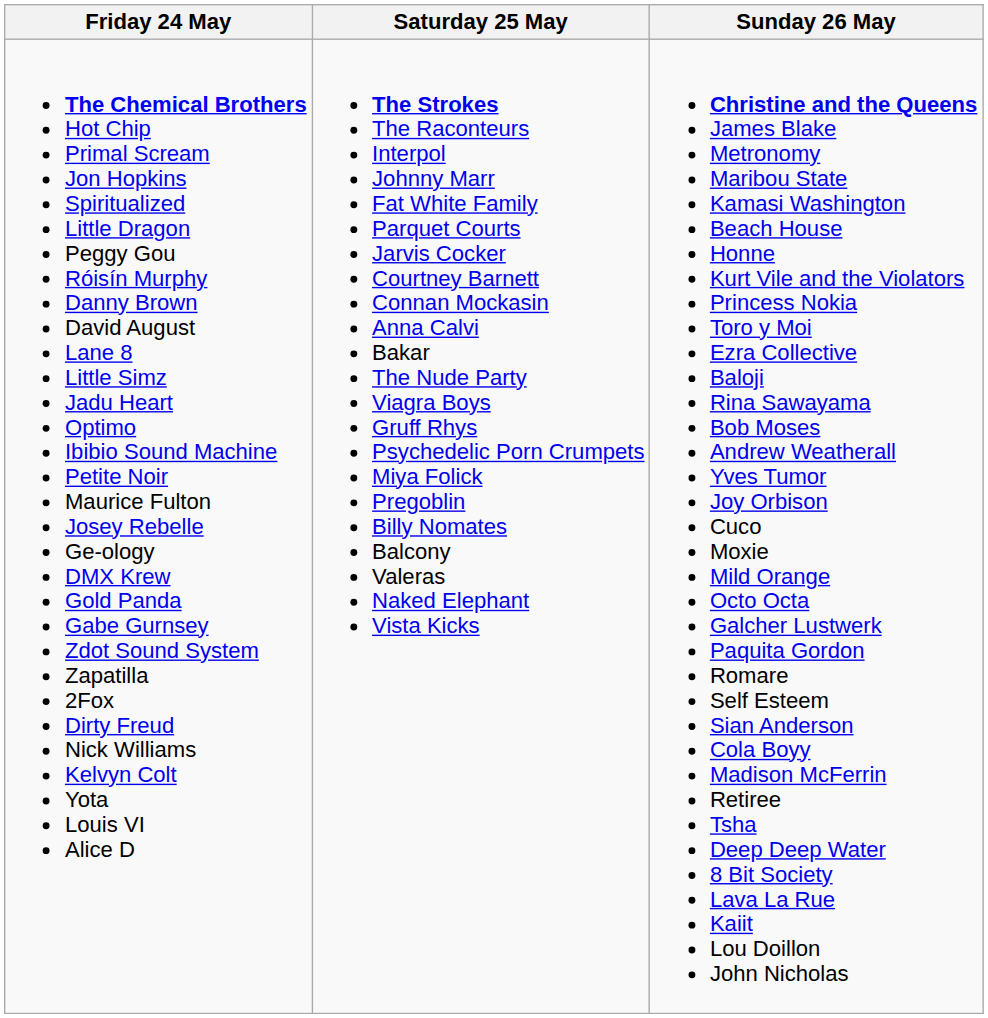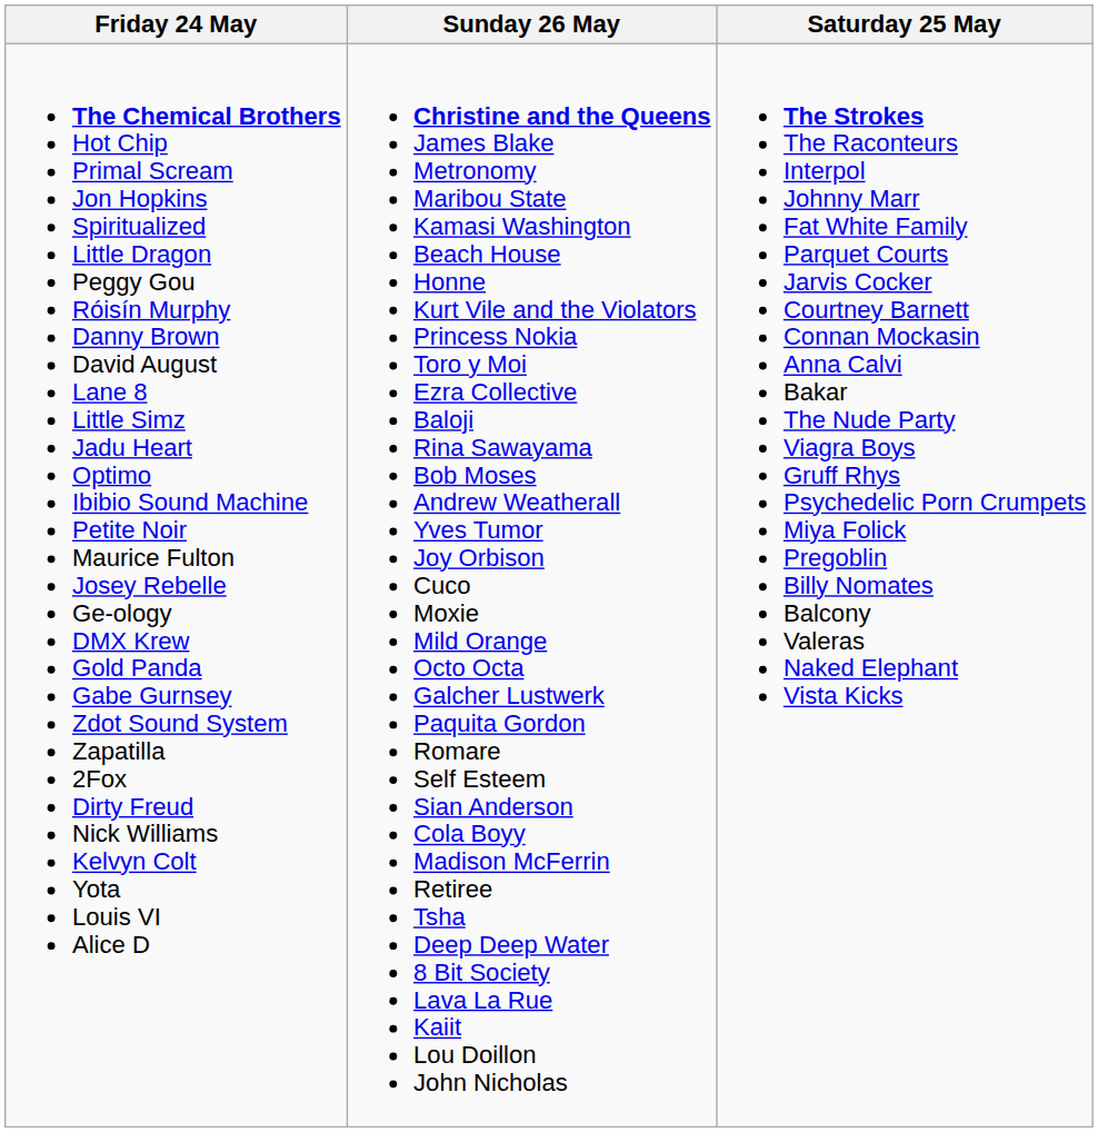 <table class="wikitable">
 <tr>
 <th>Friday 24 May</th>
+<th>Sunday 26 May</th>
 <th>Saturday 25 May</th>
-<th>Sunday 26 May</th>
 </tr>
 <tr>
 <td style="vertical-align:top;"><br><ul><li><strong><a href='#'>The Chemical Brothers</a></strong></li><li><a href='#'>Hot Chip</a></li><li><a href='#'>Primal Scream</a></li><li><a href='#'>Jon Hopkins</a></li><li><a href='#'>Spiritualized</a></li><li><a href='#'>Little Dragon</a></li><li>Peggy Gou</li><li><a href='#'>Róisín Murphy</a></li><li><a href='#'>Danny Brown</a></li><li>David August</li><li><a href='#'>Lane 8</a></li><li><a href='#'>Little Simz</a></li><li><a href='#'>Jadu Heart</a></li><li><a href='#'>Optimo</a></li><li><a href='#'>Ibibio Sound Machine</a></li><li><a href='#'>Petite Noir</a></li><li>Maurice Fulton</li><li><a href='#'>Josey Rebelle</a></li><li>Ge-ology</li><li><a href='#'>DMX Krew</a></li><li><a href='#'>Gold Panda</a></li><li><a href='#'>Gabe Gurnsey</a></li><li><a href='#'>Zdot Sound System</a></li><li>Zapatilla</li><li>2Fox</li><li><a href='#'>Dirty Freud</a></li><li>Nick Williams</li><li><a href='#'>Kelvyn Colt</a></li><li>Yota</li><li>Louis VI</li><li>Alice D</li></ul></td>
+<td style="vertical-align:top;"><br><ul><li><strong><a href='#'>Christine and the Queens</a></strong></li><li><a href='#'>James Blake</a></li><li><a href='#'>Metronomy</a></li><li><a href='#'>Maribou State</a></li><li><a href='#'>Kamasi Washington</a></li><li><a href='#'>Beach House</a></li><li><a href='#'>Honne</a></li><li><a href='#'>Kurt Vile and the Violators</a></li><li><a href='#'>Princess Nokia</a></li><li><a href='#'>Toro y Moi</a></li><li><a href='#'>Ezra Collective</a></li><li><a href='#'>Baloji</a></li><li><a href='#'>Rina Sawayama</a></li><li><a href='#'>Bob Moses</a></li><li><a href='#'>Andrew Weatherall</a></li><li><a href='#'>Yves Tumor</a></li><li><a href='#'>Joy Orbison</a></li><li>Cuco</li><li>Moxie</li><li><a href='#'>Mild Orange</a></li><li><a href='#'>Octo Octa</a></li><li><a href='#'>Galcher Lustwerk</a></li><li><a href='#'>Paquita Gordon</a></li><li>Romare</li><li>Self Esteem</li><li><a href='#'>Sian Anderson</a></li><li><a href='#'>Cola Boyy</a></li><li><a href='#'>Madison McFerrin</a></li><li>Retiree</li><li><a href='#'>Tsha</a></li><li><a href='#'>Deep Deep Water</a></li><li><a href='#'>8 Bit Society</a></li><li><a href='#'>Lava La Rue</a></li><li><a href='#'>Kaiit</a></li><li>Lou Doillon</li><li>John Nicholas</li></ul></td>
 <td style="vertical-align:top;"><br><ul><li><strong><a href='#'>The Strokes</a></strong></li><li><a href='#'>The Raconteurs</a></li><li><a href='#'>Interpol</a></li><li><a href='#'>Johnny Marr</a></li><li><a href='#'>Fat White Family</a></li><li><a href='#'>Parquet Courts</a></li><li><a href='#'>Jarvis Cocker</a></li><li><a href='#'>Courtney Barnett</a></li><li><a href='#'>Connan Mockasin</a></li><li><a href='#'>Anna Calvi</a></li><li>Bakar</li><li><a href='#'>The Nude Party</a></li><li><a href='#'>Viagra Boys</a></li><li><a href='#'>Gruff Rhys</a></li><li><a href='#'>Psychedelic Porn Crumpets</a></li><li><a href='#'>Miya Folick</a></li><li><a href='#'>Pregoblin</a></li><li><a href='#'>Billy Nomates</a></li><li>Balcony</li><li>Valeras</li><li><a href='#'>Naked Elephant</a></li><li><a href='#'>Vista Kicks</a></li></ul></td>
-<td style="vertical-align:top;"><br><ul><li><strong><a href='#'>Christine and the Queens</a></strong></li><li><a href='#'>James Blake</a></li><li><a href='#'>Metronomy</a></li><li><a href='#'>Maribou State</a></li><li><a href='#'>Kamasi Washington</a></li><li><a href='#'>Beach House</a></li><li><a href='#'>Honne</a></li><li><a href='#'>Kurt Vile and the Violators</a></li><li><a href='#'>Princess Nokia</a></li><li><a href='#'>Toro y Moi</a></li><li><a href='#'>Ezra Collective</a></li><li><a href='#'>Baloji</a></li><li><a href='#'>Rina Sawayama</a></li><li><a href='#'>Bob Moses</a></li><li><a href='#'>Andrew Weatherall</a></li><li><a href='#'>Yves Tumor</a></li><li><a href='#'>Joy Orbison</a></li><li>Cuco</li><li>Moxie</li><li><a href='#'>Mild Orange</a></li><li><a href='#'>Octo Octa</a></li><li><a href='#'>Galcher Lustwerk</a></li><li><a href='#'>Paquita Gordon</a></li><li>Romare</li><li>Self Esteem</li><li><a href='#'>Sian Anderson</a></li><li><a href='#'>Cola Boyy</a></li><li><a href='#'>Madison McFerrin</a></li><li>Retiree</li><li><a href='#'>Tsha</a></li><li><a href='#'>Deep Deep Water</a></li><li><a href='#'>8 Bit Society</a></li><li><a href='#'>Lava La Rue</a></li><li><a href='#'>Kaiit</a></li><li>Lou Doillon</li><li>John Nicholas</li></ul></td>
 </tr>
 </table>
